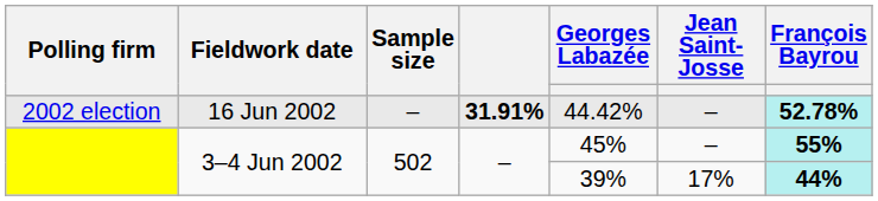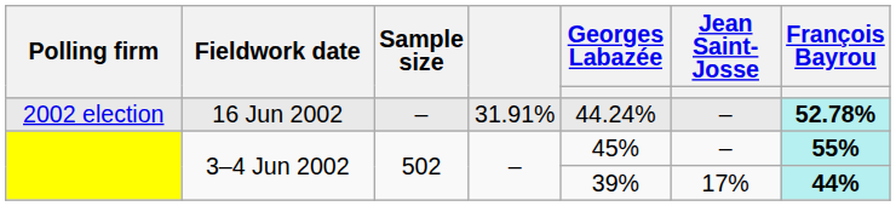 <table class="wikitable sortable" style="text-align:center;font-size:90%;line-height:14px;">
 <tr style="height:40px;">
 <th style="width:100px;" rowspan="2">Polling firm</th>
 <th style="width:110px;" rowspan="2">Fieldwork date</th>
 <th style="width:35px;" rowspan="2">Sample<br>size</th>
 <th style="width:30px;" rowspan="2"></th>
 <th class="unsortable" style="width:60px;"><a href='#'>Georges Labazée</a><br></th>
 <th class="unsortable" style="width:60px;"><a href='#'>Jean Saint-Josse</a><br></th>
 <th class="unsortable" style="width:60px;"><a href='#'>François Bayrou</a><br></th>
 </tr>
 <tr>
 <th style="background:"></th>
 <th style="background:"></th>
 <th style="background:"></th>
 </tr>
 <tr style="background:#E9E9E9;">
 <td><a href='#'>2002 election</a></td>
 <td data-sort-value="2002-06-16">16 Jun 2002</td>
 <td>–</td>
-<td><strong>31.91%</strong></td>
-<td>44.42%</td>
+<td>31.91%</td>
+<td>44.24%</td>
 <td>–</td>
 <td style="background:#B6F0F0;"><strong>52.78%</strong></td>
 </tr>
 <tr>
 <td rowspan="2" style="background:yellow;"></td>
 <td rowspan="2" data-sort-value="2002-06-04">3–4 Jun 2002</td>
 <td rowspan="2">502</td>
 <td rowspan="2">–</td>
 <td>45%</td>
 <td>–</td>
 <td style="background:#B6F0F0;"><strong>55%</strong></td>
 </tr>
 <tr>
 <td>39%</td>
 <td>17%</td>
 <td style="background:#B6F0F0;"><strong>44%</strong></td>
 </tr>
 </table>
